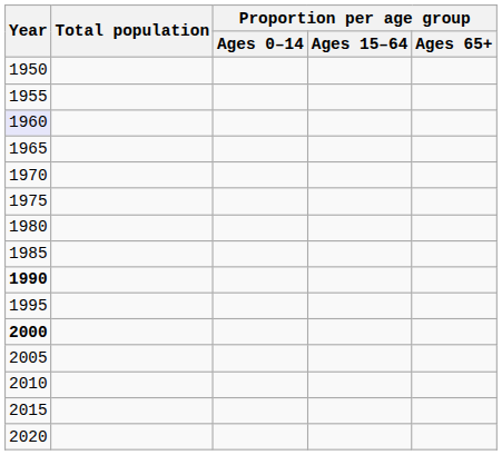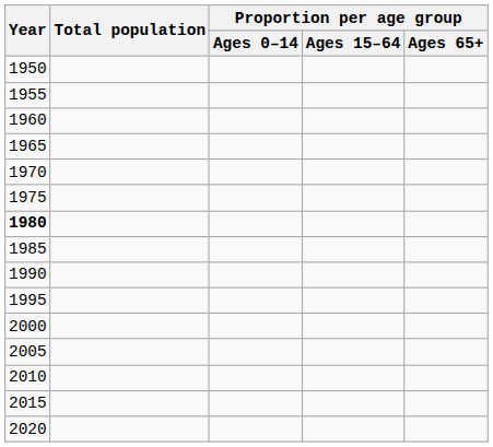 <table class="wikitable" style="text-align: right;">
 <tr>
 <th rowspan="2">Year</th>
 <th rowspan="2">Total population</th>
 <th colspan="3">Proportion per age group</th>
 </tr>
 <tr>
 <th>Ages 0–14</th>
 <th>Ages 15–64</th>
 <th>Ages 65+</th>
 </tr>
 <tr>
 <td>1950</td>
 <td></td>
 <td></td>
 <td></td>
 <td></td>
 </tr>
 <tr>
 <td>1955</td>
 <td></td>
 <td></td>
 <td></td>
 <td></td>
 </tr>
 <tr>
-<td style="background: lavender;">1960</td>
+<td>1960</td>
 <td></td>
 <td></td>
 <td></td>
 <td></td>
 </tr>
 <tr>
 <td>1965</td>
 <td></td>
 <td></td>
 <td></td>
 <td></td>
 </tr>
 <tr>
 <td>1970</td>
 <td></td>
 <td></td>
 <td></td>
 <td></td>
 </tr>
 <tr>
 <td>1975</td>
 <td></td>
 <td></td>
 <td></td>
 <td></td>
 </tr>
 <tr>
-<td>1980</td>
+<td><strong>1980</strong></td>
 <td></td>
 <td></td>
 <td></td>
 <td></td>
 </tr>
 <tr>
 <td>1985</td>
 <td></td>
 <td></td>
 <td></td>
 <td></td>
 </tr>
 <tr>
-<td><strong>1990</strong></td>
+<td>1990</td>
 <td></td>
 <td></td>
 <td></td>
 <td></td>
 </tr>
 <tr>
 <td>1995</td>
 <td></td>
 <td></td>
 <td></td>
 <td></td>
 </tr>
 <tr>
-<td><strong>2000</strong></td>
+<td>2000</td>
 <td></td>
 <td></td>
 <td></td>
 <td></td>
 </tr>
 <tr>
 <td>2005</td>
 <td></td>
 <td></td>
 <td></td>
 <td></td>
 </tr>
 <tr>
 <td>2010</td>
 <td></td>
 <td></td>
 <td></td>
 <td></td>
 </tr>
 <tr>
 <td>2015</td>
 <td></td>
 <td></td>
 <td></td>
 <td></td>
 </tr>
 <tr>
 <td>2020</td>
 <td></td>
 <td></td>
 <td></td>
 <td></td>
 </tr>
 </table>
